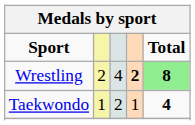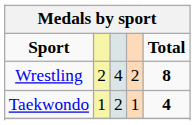 <table class="wikitable" style="font-size:85%;float:left;">
 <tr style="background:#efefef;">
 <th colspan=7>Medals by sport</th>
 </tr>
 <tr align=center>
 <td><strong>Sport</strong></td>
 <td style="background:#f7f6a8;"></td>
 <td style="background:#dce5e5;"></td>
 <td style="background:#ffdab9;"></td>
 <td><strong>Total</strong></td>
 </tr>
 <tr align=center>
 <td><a href='#'>Wrestling</a></td>
 <td style="background:#f7f6a8;">2</td>
 <td style="background:#dce5e5;">4</td>
-<td style="background:#ffdab9;"><strong>2</strong></td>
-<td style="background: lightgreen;"><strong>8</strong></td>
+<td style="background:#ffdab9;">2</td>
+<td><strong>8</strong></td>
 </tr>
 <tr align=center>
 <td><a href='#'>Taekwondo</a></td>
 <td style="background:#f7f6a8;">1</td>
 <td style="background:#dce5e5;">2</td>
 <td style="background:#ffdab9;">1</td>
 <td><strong>4</strong></td>
 </tr>
 <tr>
 </tr>
 <tr align=center>
 </tr>
 </table>
